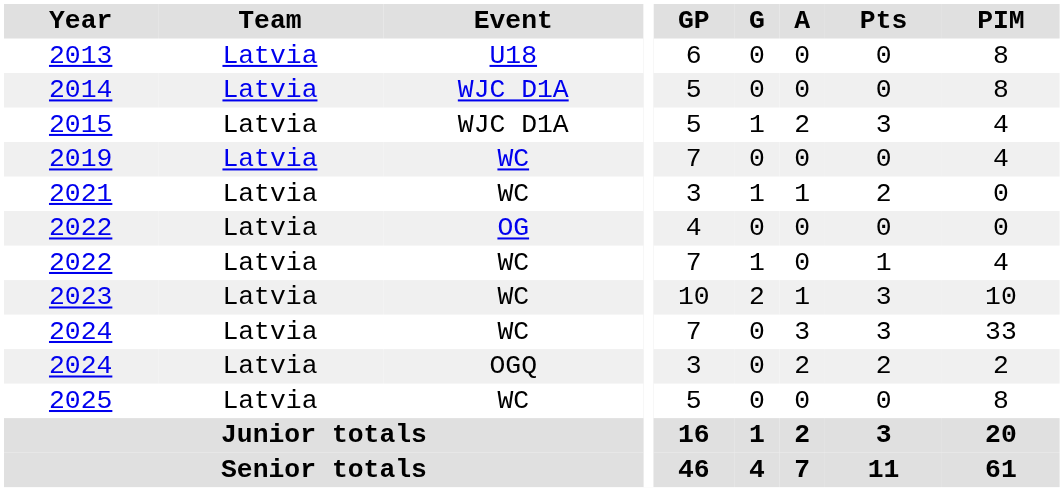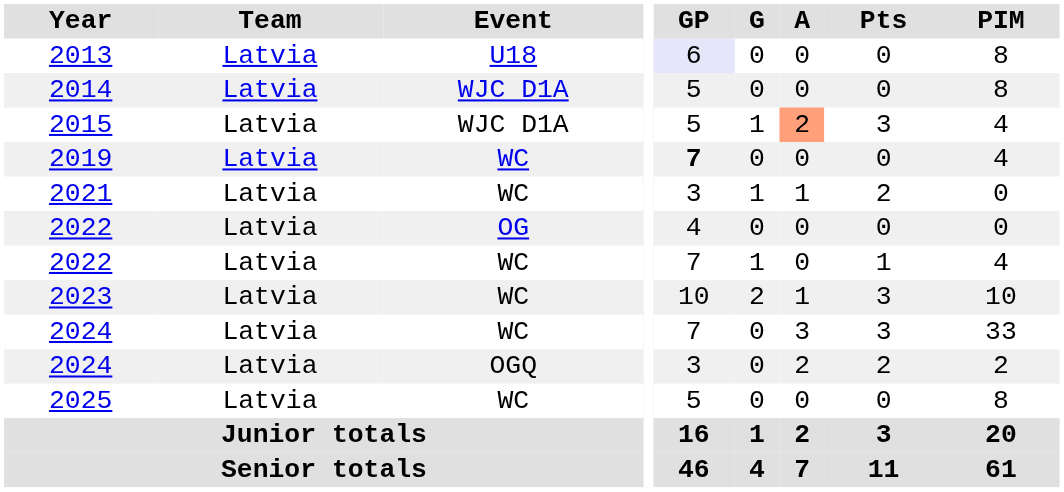 <table border="0" cellpadding="1" cellspacing="0" ID="Table3" style="text-align:center; width:40em">
 <tr ALIGN="center" bgcolor="#e0e0e0">
 <th>Year</th>
 <th>Team</th>
 <th>Event</th>
 <th rowspan="99" bgcolor="#ffffff"></th>
 <th>GP</th>
 <th>G</th>
 <th>A</th>
 <th>Pts</th>
 <th>PIM</th>
 </tr>
 <tr>
 <td><a href='#'>2013</a></td>
 <td><a href='#'>Latvia</a></td>
 <td><a href='#'>U18</a></td>
-<td>6</td>
+<td style="background: lavender;">6</td>
 <td>0</td>
 <td>0</td>
 <td>0</td>
 <td>8</td>
 </tr>
 <tr bgcolor="#f0f0f0">
 <td><a href='#'>2014</a></td>
 <td><a href='#'>Latvia</a></td>
 <td><a href='#'>WJC D1A</a></td>
 <td>5</td>
 <td>0</td>
 <td>0</td>
 <td>0</td>
 <td>8</td>
 </tr>
 <tr>
 <td><a href='#'>2015</a></td>
 <td>Latvia</td>
 <td>WJC D1A</td>
 <td>5</td>
 <td>1</td>
-<td>2</td>
+<td style="background: lightsalmon;">2</td>
 <td>3</td>
 <td>4</td>
 </tr>
 <tr bgcolor="#f0f0f0">
 <td><a href='#'>2019</a></td>
 <td><a href='#'>Latvia</a></td>
 <td><a href='#'>WC</a></td>
-<td>7</td>
+<td><strong>7</strong></td>
 <td>0</td>
 <td>0</td>
 <td>0</td>
 <td>4</td>
 </tr>
 <tr>
 <td><a href='#'>2021</a></td>
 <td>Latvia</td>
 <td>WC</td>
 <td>3</td>
 <td>1</td>
 <td>1</td>
 <td>2</td>
 <td>0</td>
 </tr>
 <tr bgcolor="#f0f0f0">
 <td><a href='#'>2022</a></td>
 <td>Latvia</td>
 <td><a href='#'>OG</a></td>
 <td>4</td>
 <td>0</td>
 <td>0</td>
 <td>0</td>
 <td>0</td>
 </tr>
 <tr>
 <td><a href='#'>2022</a></td>
 <td>Latvia</td>
 <td>WC</td>
 <td>7</td>
 <td>1</td>
 <td>0</td>
 <td>1</td>
 <td>4</td>
 </tr>
 <tr bgcolor="#f0f0f0">
 <td><a href='#'>2023</a></td>
 <td>Latvia</td>
 <td>WC</td>
 <td>10</td>
 <td>2</td>
 <td>1</td>
 <td>3</td>
 <td>10</td>
 </tr>
 <tr>
 <td><a href='#'>2024</a></td>
 <td>Latvia</td>
 <td>WC</td>
 <td>7</td>
 <td>0</td>
 <td>3</td>
 <td>3</td>
 <td>33</td>
 </tr>
 <tr bgcolor="#f0f0f0">
 <td><a href='#'>2024</a></td>
 <td>Latvia</td>
 <td>OGQ</td>
 <td>3</td>
 <td>0</td>
 <td>2</td>
 <td>2</td>
 <td>2</td>
 </tr>
 <tr>
 <td><a href='#'>2025</a></td>
 <td>Latvia</td>
 <td>WC</td>
 <td>5</td>
 <td>0</td>
 <td>0</td>
 <td>0</td>
 <td>8</td>
 </tr>
 <tr bgcolor="#e0e0e0">
 <th colspan="3">Junior totals</th>
 <th>16</th>
 <th>1</th>
 <th>2</th>
 <th>3</th>
 <th>20</th>
 </tr>
 <tr bgcolor="#e0e0e0">
 <th colspan="3">Senior totals</th>
 <th>46</th>
 <th>4</th>
 <th>7</th>
 <th>11</th>
 <th>61</th>
 </tr>
 </table>
